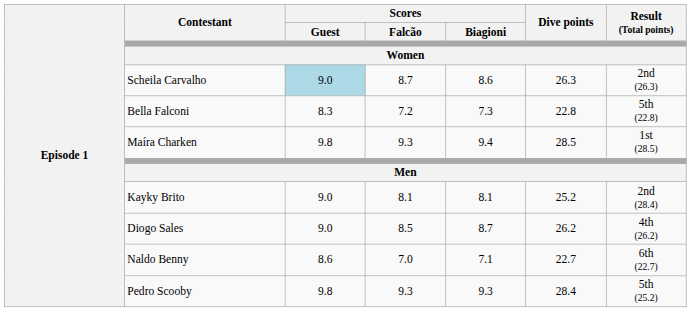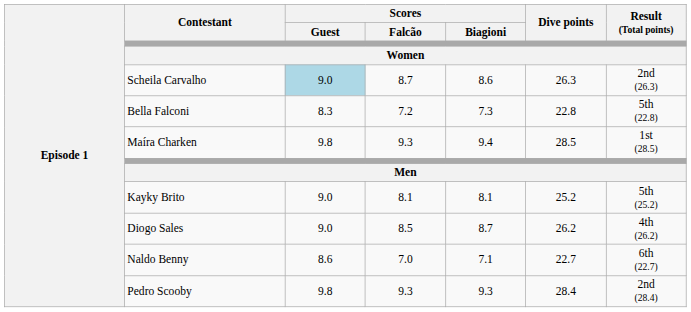 <table class="wikitable" style="text-align:center; width:75%;">
 <tr>
 <th rowspan=13 style="width:15%;">Episode 1<br><small></small></th>
 <th rowspan=02 style="width:20%;">Contestant</th>
 <th colspan=03 style="width:30%;">Scores</th>
 <th rowspan=02 style="width:10%;">Dive points</th>
 <th rowspan=02 style="width:10%;">Result<br><small>(Total points)</small></th>
 </tr>
 <tr>
 <th style="width:10%;">Guest</th>
 <th style="width:10%;">Falcão</th>
 <th style="width:10%;">Biagioni</th>
 </tr>
 <tr>
 <td colspan=6 bgcolor="#A9A9A9"></td>
 </tr>
 <tr>
 <th colspan=6>Women</th>
 </tr>
 <tr>
 <td align="left">Scheila Carvalho</td>
 <td style="background: lightblue;">9.0</td>
 <td>8.7</td>
 <td>8.6</td>
 <td>26.3</td>
 <td>2nd<br><small>(26.3)</small></td>
 </tr>
 <tr>
 <td align="left">Bella Falconi</td>
 <td>8.3</td>
 <td>7.2</td>
 <td>7.3</td>
 <td>22.8</td>
 <td>5th<br><small>(22.8)</small></td>
 </tr>
 <tr>
 <td align="left">Maíra Charken</td>
 <td>9.8</td>
 <td>9.3</td>
 <td>9.4</td>
 <td>28.5</td>
 <td>1st<br><small>(28.5)</small></td>
 </tr>
 <tr>
 <td colspan=6 bgcolor="#A9A9A9"></td>
 </tr>
 <tr>
 <th colspan=6>Men</th>
 </tr>
 <tr>
 <td align="left">Kayky Brito</td>
 <td>9.0</td>
 <td>8.1</td>
 <td>8.1</td>
 <td>25.2</td>
-<td>2nd<br><small>(28.4)</small></td>
+<td>5th<br><small>(25.2)</small></td>
 </tr>
 <tr>
 <td align="left">Diogo Sales</td>
 <td>9.0</td>
 <td>8.5</td>
 <td>8.7</td>
 <td>26.2</td>
 <td>4th<br><small>(26.2)</small></td>
 </tr>
 <tr>
 <td align="left">Naldo Benny</td>
 <td>8.6</td>
 <td>7.0</td>
 <td>7.1</td>
 <td>22.7</td>
 <td>6th<br><small>(22.7)</small></td>
 </tr>
 <tr>
 <td align="left">Pedro Scooby</td>
 <td>9.8</td>
 <td>9.3</td>
 <td>9.3</td>
 <td>28.4</td>
-<td>5th<br><small>(25.2)</small></td>
+<td>2nd<br><small>(28.4)</small></td>
 </tr>
 </table>
